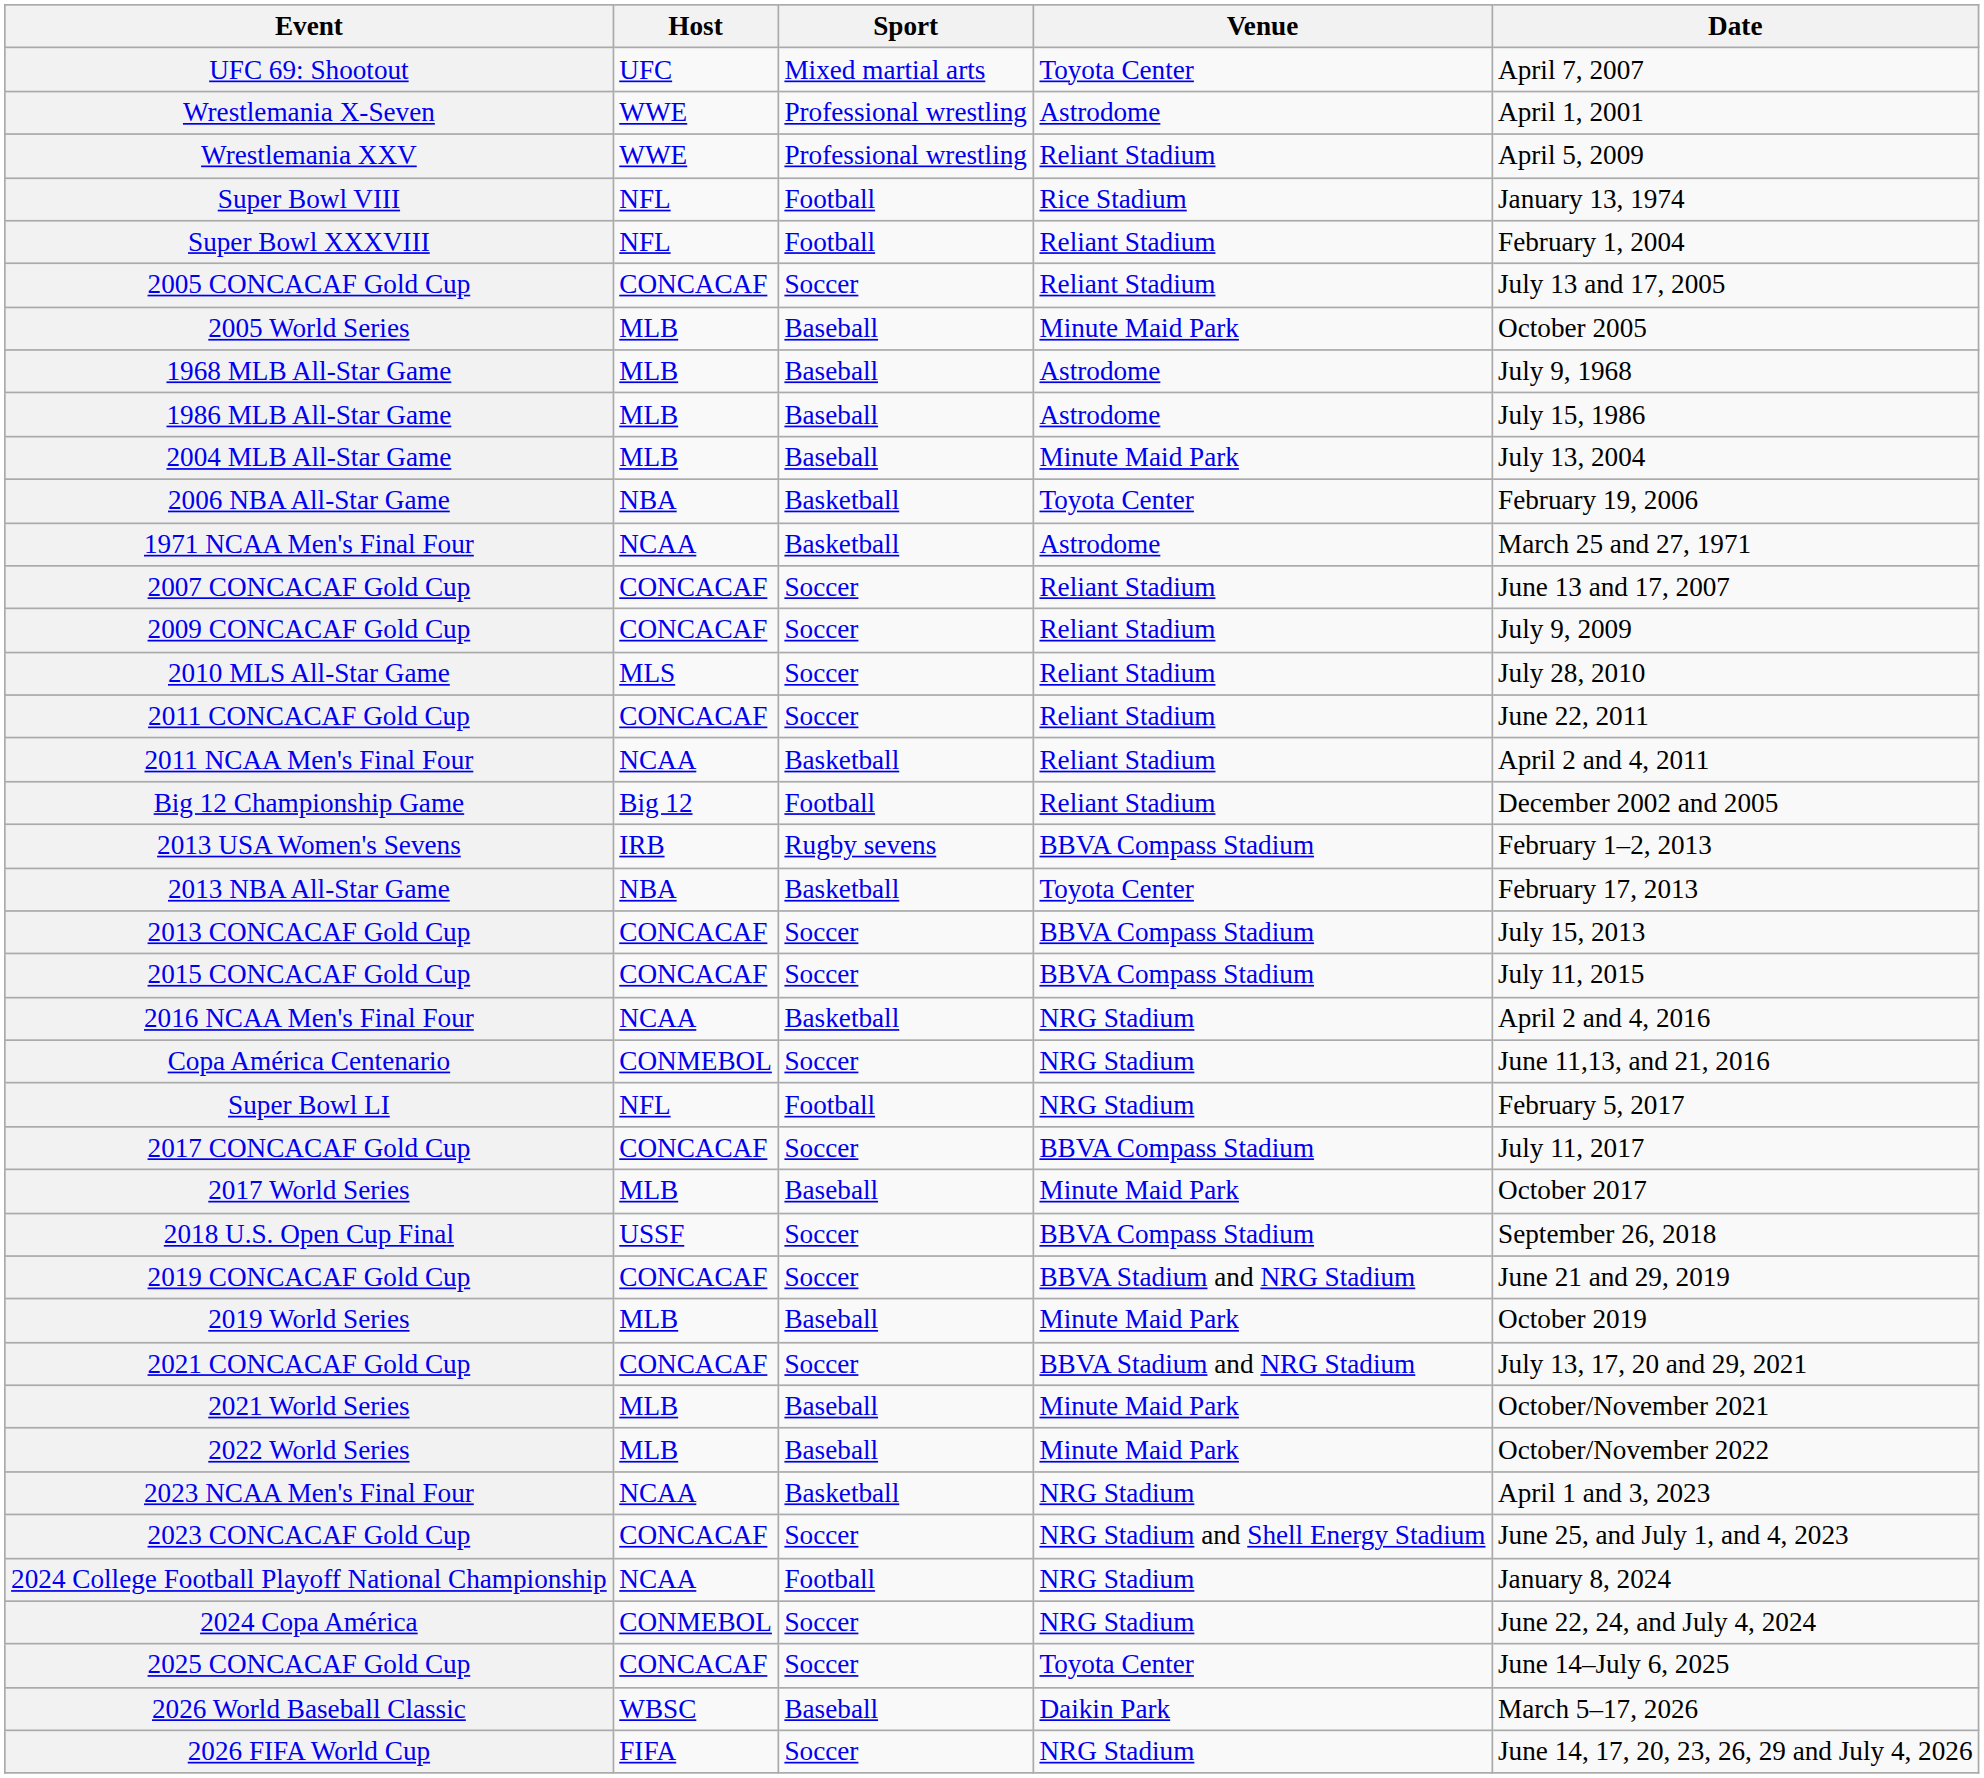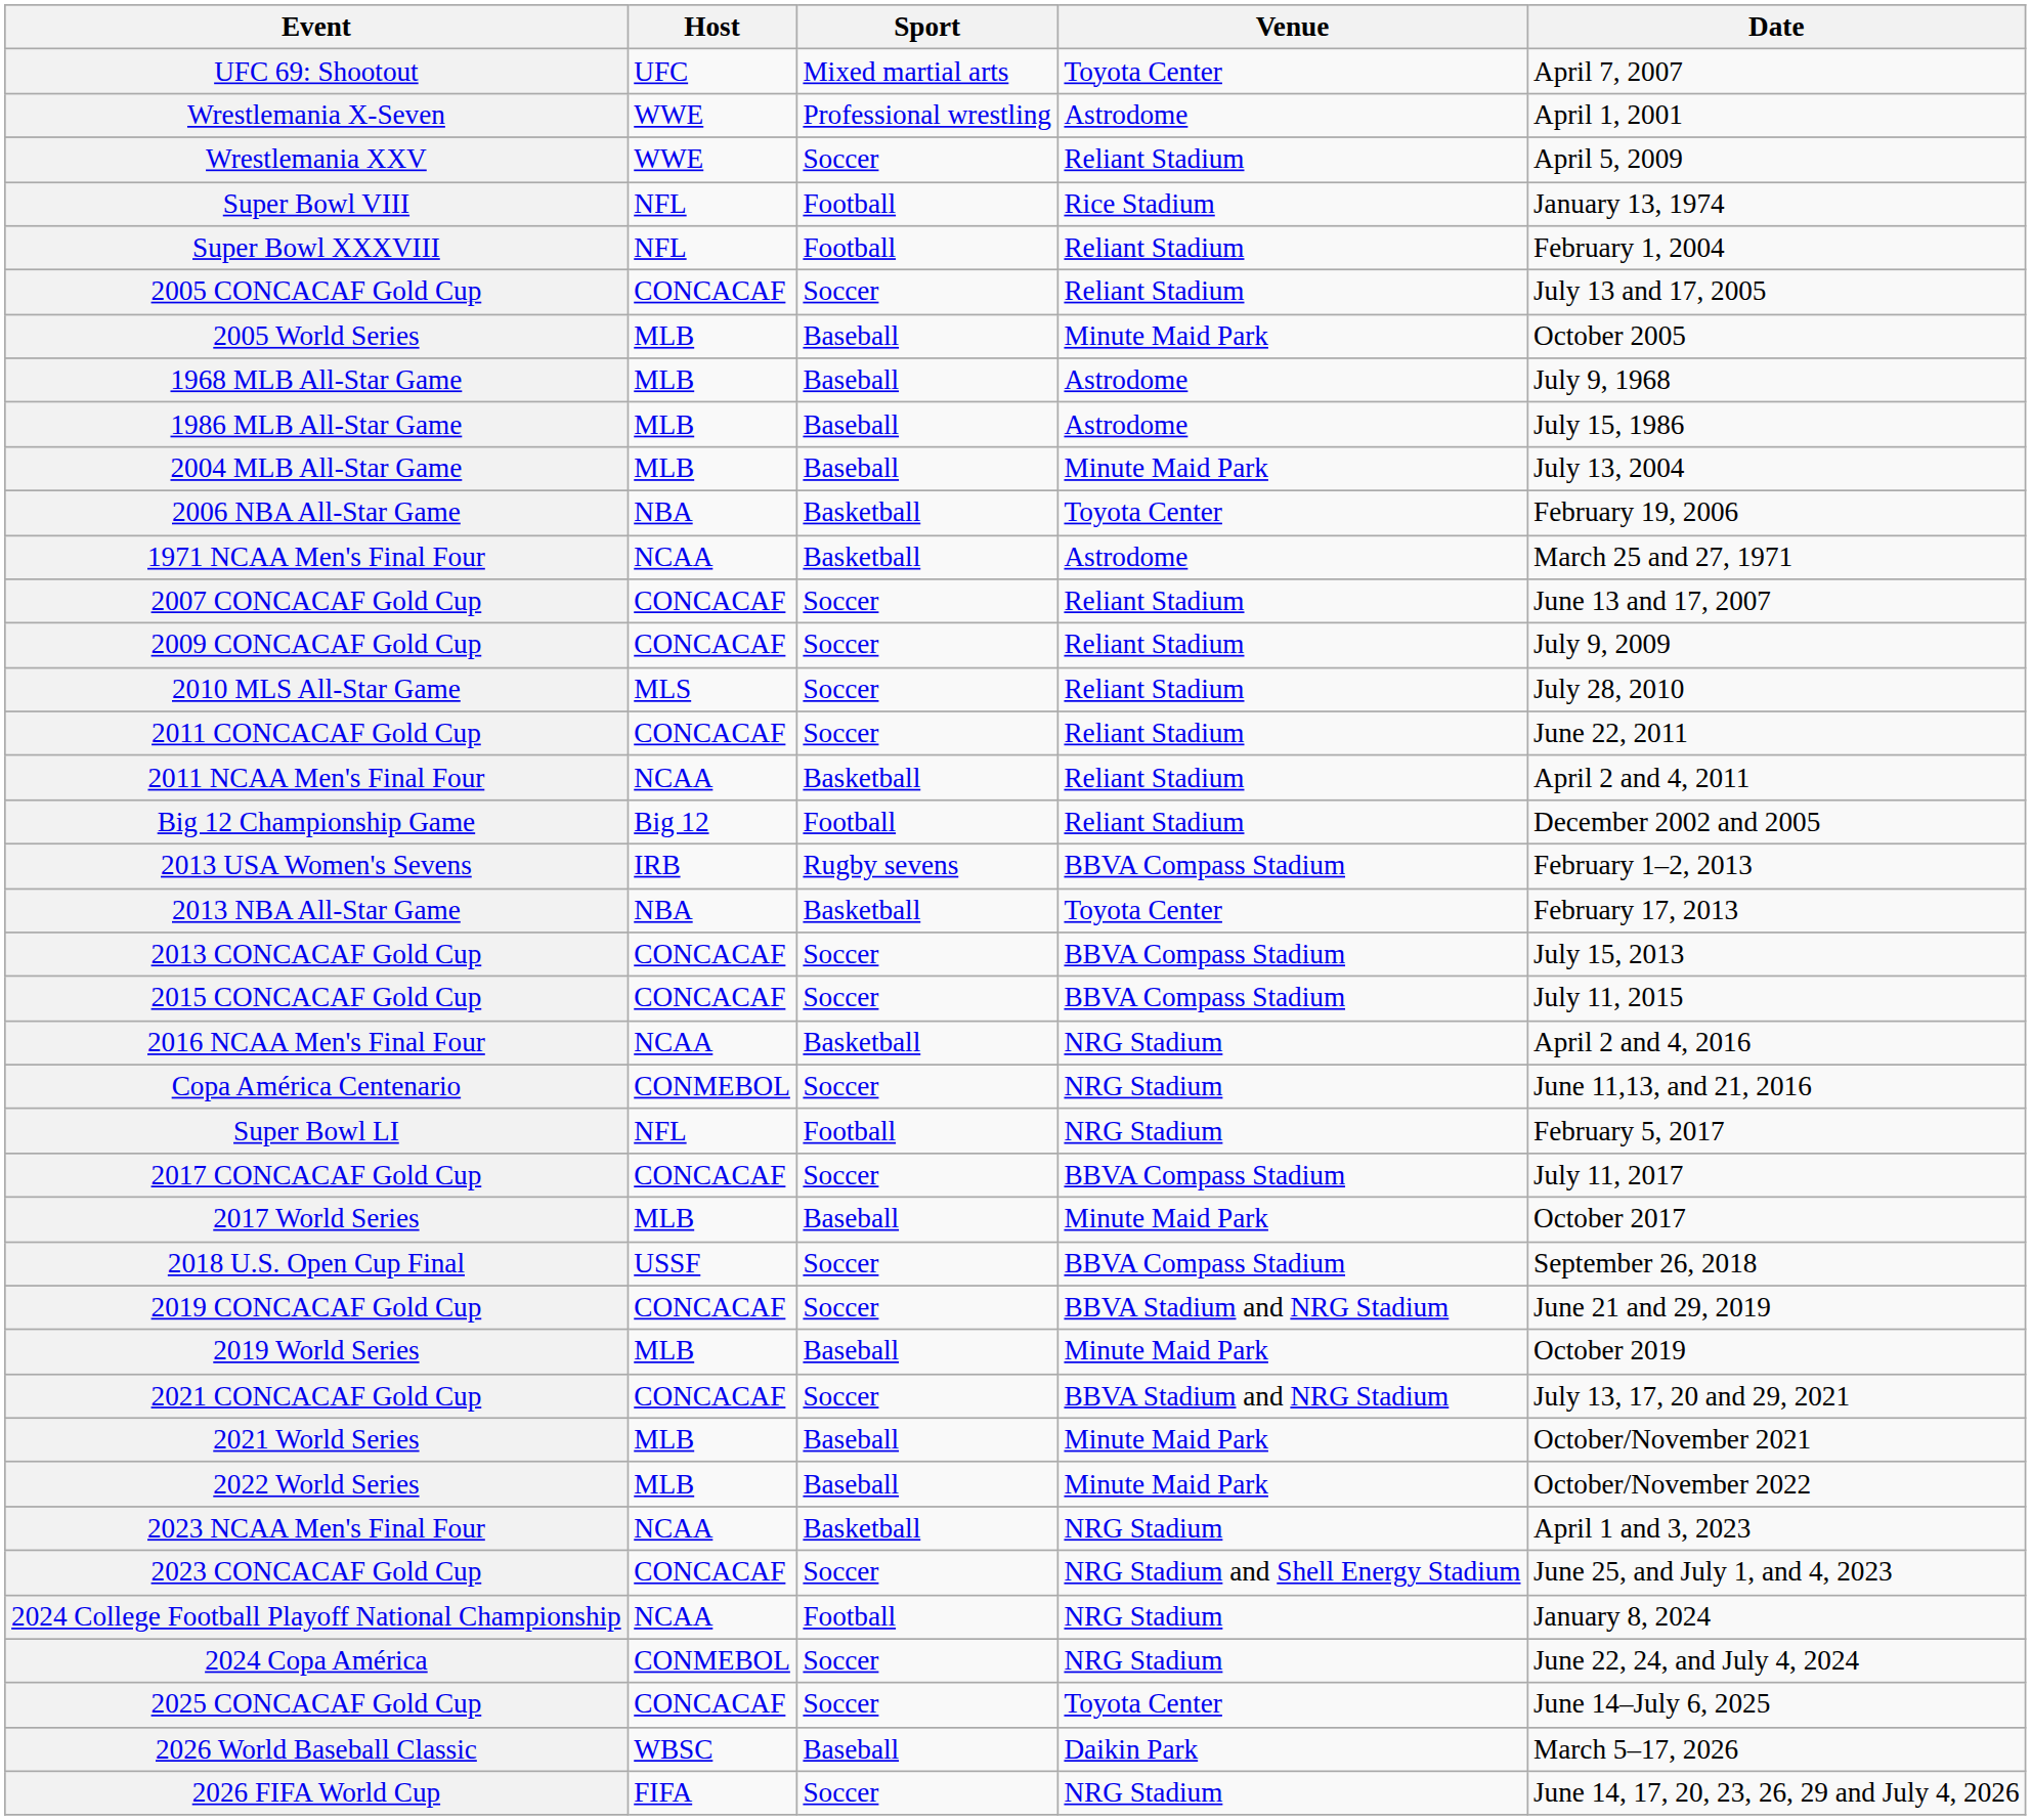 <table class="wikitable sortable">
 <tr>
 <th scope="col">Event</th>
 <th scope="col">Host</th>
 <th scope="col">Sport</th>
 <th scope="col">Venue</th>
 <th scope="col">Date</th>
 </tr>
 <tr>
 <th scope="row" style="font-weight: normal;"><a href='#'>UFC 69: Shootout</a></th>
 <td><a href='#'>UFC</a></td>
 <td><a href='#'>Mixed martial arts</a></td>
 <td><a href='#'>Toyota Center</a></td>
 <td>April 7, 2007</td>
 </tr>
 <tr>
 <th scope="row" style="font-weight: normal;"><a href='#'>Wrestlemania X-Seven</a></th>
 <td><a href='#'>WWE</a></td>
 <td><a href='#'>Professional wrestling</a></td>
 <td><a href='#'>Astrodome</a></td>
 <td>April 1, 2001</td>
 </tr>
 <tr>
 <th scope="row" style="font-weight: normal;"><a href='#'>Wrestlemania XXV</a></th>
 <td><a href='#'>WWE</a></td>
-<td><a href='#'>Professional wrestling</a></td>
+<td><a href='#'>Soccer</a></td>
 <td><a href='#'>Reliant Stadium</a></td>
 <td>April 5, 2009</td>
 </tr>
 <tr>
 <th scope="row" style="font-weight: normal;"><a href='#'>Super Bowl VIII</a></th>
 <td><a href='#'>NFL</a></td>
 <td><a href='#'>Football</a></td>
 <td><a href='#'>Rice Stadium</a></td>
 <td>January 13, 1974</td>
 </tr>
 <tr>
 <th scope="row" style="font-weight: normal;"><a href='#'>Super Bowl XXXVIII</a></th>
 <td><a href='#'>NFL</a></td>
 <td><a href='#'>Football</a></td>
 <td><a href='#'>Reliant Stadium</a></td>
 <td>February 1, 2004</td>
 </tr>
 <tr>
 <th Scope="row" style="font-weight: normal;"><a href='#'>2005 CONCACAF Gold Cup</a></th>
 <td><a href='#'>CONCACAF</a></td>
 <td><a href='#'>Soccer</a></td>
 <td><a href='#'>Reliant Stadium</a></td>
 <td>July 13 and 17, 2005</td>
 </tr>
 <tr>
 <th scope="row" style="font-weight: normal;"><a href='#'>2005 World Series</a></th>
 <td><a href='#'>MLB</a></td>
 <td><a href='#'>Baseball</a></td>
 <td><a href='#'>Minute Maid Park</a></td>
 <td>October 2005</td>
 </tr>
 <tr>
 <th scope="row" style="font-weight: normal;"><a href='#'>1968 MLB All-Star Game</a></th>
 <td><a href='#'>MLB</a></td>
 <td><a href='#'>Baseball</a></td>
 <td><a href='#'>Astrodome</a></td>
 <td>July 9, 1968</td>
 </tr>
 <tr>
 <th scope="row" style="font-weight: normal;"><a href='#'>1986 MLB All-Star Game</a></th>
 <td><a href='#'>MLB</a></td>
 <td><a href='#'>Baseball</a></td>
 <td><a href='#'>Astrodome</a></td>
 <td>July 15, 1986</td>
 </tr>
 <tr>
 <th scope="row" style="font-weight: normal;"><a href='#'>2004 MLB All-Star Game</a></th>
 <td><a href='#'>MLB</a></td>
 <td><a href='#'>Baseball</a></td>
 <td><a href='#'>Minute Maid Park</a></td>
 <td>July 13, 2004</td>
 </tr>
 <tr>
 <th scope="row" style="font-weight: normal;"><a href='#'>2006 NBA All-Star Game</a></th>
 <td><a href='#'>NBA</a></td>
 <td><a href='#'>Basketball</a></td>
 <td><a href='#'>Toyota Center</a></td>
 <td>February 19, 2006</td>
 </tr>
 <tr>
 <th scope="row" style="font-weight: normal;"><a href='#'>1971 NCAA Men's Final Four</a></th>
 <td><a href='#'>NCAA</a></td>
 <td><a href='#'>Basketball</a></td>
 <td><a href='#'>Astrodome</a></td>
 <td>March 25 and 27, 1971</td>
 </tr>
 <tr>
 <th Scope="row" style="font-weight: normal;"><a href='#'>2007 CONCACAF Gold Cup</a></th>
 <td><a href='#'>CONCACAF</a></td>
 <td><a href='#'>Soccer</a></td>
 <td><a href='#'>Reliant Stadium</a></td>
 <td>June 13 and 17, 2007</td>
 </tr>
 <tr>
 <th Scope="row" style="font-weight: normal;"><a href='#'>2009 CONCACAF Gold Cup</a></th>
 <td><a href='#'>CONCACAF</a></td>
 <td><a href='#'>Soccer</a></td>
 <td><a href='#'>Reliant Stadium</a></td>
 <td>July 9, 2009</td>
 </tr>
 <tr>
 <th scope="row" style="font-weight: normal;"><a href='#'>2010 MLS All-Star Game</a></th>
 <td><a href='#'>MLS</a></td>
 <td><a href='#'>Soccer</a></td>
 <td><a href='#'>Reliant Stadium</a></td>
 <td>July 28, 2010</td>
 </tr>
 <tr>
 <th Scope="row" style="font-weight: normal;"><a href='#'>2011 CONCACAF Gold Cup</a></th>
 <td><a href='#'>CONCACAF</a></td>
 <td><a href='#'>Soccer</a></td>
 <td><a href='#'>Reliant Stadium</a></td>
 <td>June 22, 2011</td>
 </tr>
 <tr>
 <th scope="row" style="font-weight: normal;"><a href='#'>2011 NCAA Men's Final Four</a></th>
 <td><a href='#'>NCAA</a></td>
 <td><a href='#'>Basketball</a></td>
 <td><a href='#'>Reliant Stadium</a></td>
 <td>April 2 and 4, 2011</td>
 </tr>
 <tr>
 <th scope="row" style="font-weight: normal;"><a href='#'>Big 12 Championship Game</a></th>
 <td><a href='#'>Big 12</a></td>
 <td><a href='#'>Football</a></td>
 <td><a href='#'>Reliant Stadium</a></td>
 <td>December 2002 and 2005</td>
 </tr>
 <tr>
 <th scope="row" style="font-weight: normal;"><a href='#'>2013 USA Women's Sevens</a></th>
 <td><a href='#'>IRB</a></td>
 <td><a href='#'>Rugby sevens</a></td>
 <td><a href='#'>BBVA Compass Stadium</a></td>
 <td>February 1–2, 2013</td>
 </tr>
 <tr>
 <th scope="row" style="font-weight: normal;"><a href='#'>2013 NBA All-Star Game</a></th>
 <td><a href='#'>NBA</a></td>
 <td><a href='#'>Basketball</a></td>
 <td><a href='#'>Toyota Center</a></td>
 <td>February 17, 2013</td>
 </tr>
 <tr>
 <th Scope="row" style="font-weight: normal;"><a href='#'>2013 CONCACAF Gold Cup</a></th>
 <td><a href='#'>CONCACAF</a></td>
 <td><a href='#'>Soccer</a></td>
 <td><a href='#'>BBVA Compass Stadium</a></td>
 <td>July 15, 2013</td>
 </tr>
 <tr>
 <th Scope="row" style="font-weight: normal;"><a href='#'>2015 CONCACAF Gold Cup</a></th>
 <td><a href='#'>CONCACAF</a></td>
 <td><a href='#'>Soccer</a></td>
 <td><a href='#'>BBVA Compass Stadium</a></td>
 <td>July 11, 2015</td>
 </tr>
 <tr>
 <th scope="row" style="font-weight: normal;"><a href='#'>2016 NCAA Men's Final Four</a></th>
 <td><a href='#'>NCAA</a></td>
 <td><a href='#'>Basketball</a></td>
 <td><a href='#'>NRG Stadium</a></td>
 <td>April 2 and 4, 2016</td>
 </tr>
 <tr>
 <th Scope="row" style="font-weight: normal;"><a href='#'>Copa América Centenario</a></th>
 <td><a href='#'>CONMEBOL</a></td>
 <td><a href='#'>Soccer</a></td>
 <td><a href='#'>NRG Stadium</a></td>
 <td>June 11,13, and 21, 2016</td>
 </tr>
 <tr>
 <th Scope="row" style="font-weight: normal;"><a href='#'>Super Bowl LI</a></th>
 <td><a href='#'>NFL</a></td>
 <td><a href='#'>Football</a></td>
 <td><a href='#'>NRG Stadium</a></td>
 <td>February 5, 2017</td>
 </tr>
 <tr>
 <th Scope="row" style="font-weight: normal;"><a href='#'>2017 CONCACAF Gold Cup</a></th>
 <td><a href='#'>CONCACAF</a></td>
 <td><a href='#'>Soccer</a></td>
 <td><a href='#'>BBVA Compass Stadium</a></td>
 <td>July 11, 2017</td>
 </tr>
 <tr>
 <th Scope="row" style="font-weight: normal;"><a href='#'>2017 World Series</a></th>
 <td><a href='#'>MLB</a></td>
 <td><a href='#'>Baseball</a></td>
 <td><a href='#'>Minute Maid Park</a></td>
 <td>October 2017</td>
 </tr>
 <tr>
 <th scope="row" style="font-weight: normal;"><a href='#'>2018 U.S. Open Cup Final</a></th>
 <td><a href='#'>USSF</a></td>
 <td><a href='#'>Soccer</a></td>
 <td><a href='#'>BBVA Compass Stadium</a></td>
 <td>September 26, 2018</td>
 </tr>
 <tr>
 <th Scope="row" style="font-weight: normal;"><a href='#'>2019 CONCACAF Gold Cup</a></th>
 <td><a href='#'>CONCACAF</a></td>
 <td><a href='#'>Soccer</a></td>
 <td><a href='#'>BBVA Stadium</a> and <a href='#'>NRG Stadium</a></td>
 <td>June 21 and 29, 2019</td>
 </tr>
 <tr>
 <th scope="row" style="font-weight: normal;"><a href='#'>2019 World Series</a></th>
 <td><a href='#'>MLB</a></td>
 <td><a href='#'>Baseball</a></td>
 <td><a href='#'>Minute Maid Park</a></td>
 <td>October 2019</td>
 </tr>
 <tr>
 <th Scope="row" style="font-weight: normal;"><a href='#'>2021 CONCACAF Gold Cup</a></th>
 <td><a href='#'>CONCACAF</a></td>
 <td><a href='#'>Soccer</a></td>
 <td><a href='#'>BBVA Stadium</a> and <a href='#'>NRG Stadium</a></td>
 <td>July 13, 17, 20 and 29, 2021</td>
 </tr>
 <tr>
 <th scope="row" style="font-weight: normal;"><a href='#'>2021 World Series</a></th>
 <td><a href='#'>MLB</a></td>
 <td><a href='#'>Baseball</a></td>
 <td><a href='#'>Minute Maid Park</a></td>
 <td>October/November 2021</td>
 </tr>
 <tr>
 <th scope="row" style="font-weight: normal;"><a href='#'>2022 World Series</a></th>
 <td><a href='#'>MLB</a></td>
 <td><a href='#'>Baseball</a></td>
 <td><a href='#'>Minute Maid Park</a></td>
 <td>October/November 2022</td>
 </tr>
 <tr>
 <th scope="row" style="font-weight: normal;"><a href='#'>2023 NCAA Men's Final Four</a></th>
 <td><a href='#'>NCAA</a></td>
 <td><a href='#'>Basketball</a></td>
 <td><a href='#'>NRG Stadium</a></td>
 <td>April 1 and 3, 2023</td>
 </tr>
 <tr>
 <th Scope="row" style="font-weight: normal;"><a href='#'>2023 CONCACAF Gold Cup</a></th>
 <td><a href='#'>CONCACAF</a></td>
 <td><a href='#'>Soccer</a></td>
 <td><a href='#'>NRG Stadium</a> and <a href='#'>Shell Energy Stadium</a></td>
 <td>June 25, and July 1, and 4, 2023</td>
 </tr>
 <tr>
 <th scope="row" style="font-weight: normal;"><a href='#'>2024 College Football Playoff National Championship</a></th>
 <td><a href='#'>NCAA</a></td>
 <td><a href='#'>Football</a></td>
 <td><a href='#'>NRG Stadium</a></td>
 <td>January 8, 2024</td>
 </tr>
 <tr>
 <th Scope="row" style="font-weight: normal;"><a href='#'>2024 Copa América</a></th>
 <td><a href='#'>CONMEBOL</a></td>
 <td><a href='#'>Soccer</a></td>
 <td><a href='#'>NRG Stadium</a></td>
 <td>June 22, 24, and July 4, 2024</td>
 </tr>
 <tr>
 <th Scope="row" style="font-weight: normal;"><a href='#'>2025 CONCACAF Gold Cup</a></th>
 <td><a href='#'>CONCACAF</a></td>
 <td><a href='#'>Soccer</a></td>
 <td><a href='#'>Toyota Center</a></td>
 <td>June 14–July 6, 2025</td>
 </tr>
 <tr>
 <th Scope="row" style="font-weight: normal;"><a href='#'>2026 World Baseball Classic</a></th>
 <td><a href='#'>WBSC</a></td>
 <td><a href='#'>Baseball</a></td>
 <td><a href='#'>Daikin Park</a></td>
 <td>March 5–17, 2026</td>
 </tr>
 <tr>
 <th Scope="row" style="font-weight: normal;"><a href='#'>2026 FIFA World Cup</a></th>
 <td><a href='#'>FIFA</a></td>
 <td><a href='#'>Soccer</a></td>
 <td><a href='#'>NRG Stadium</a></td>
 <td>June 14, 17, 20, 23, 26, 29 and July 4, 2026</td>
 </tr>
 </table>
